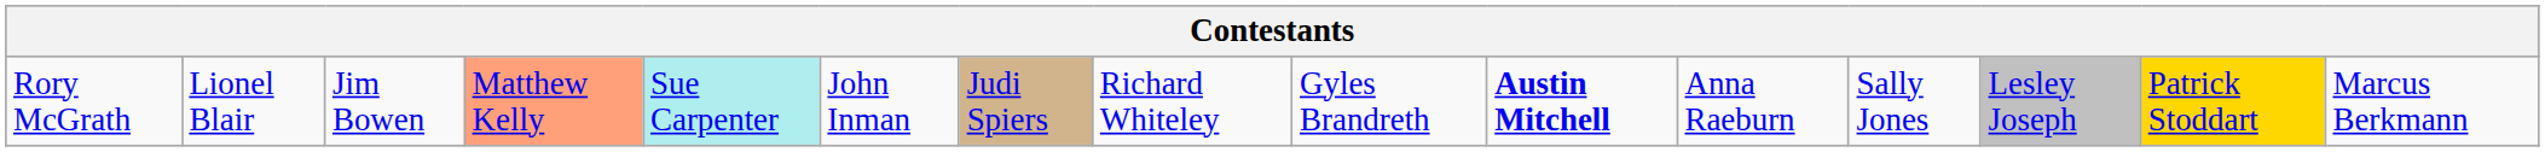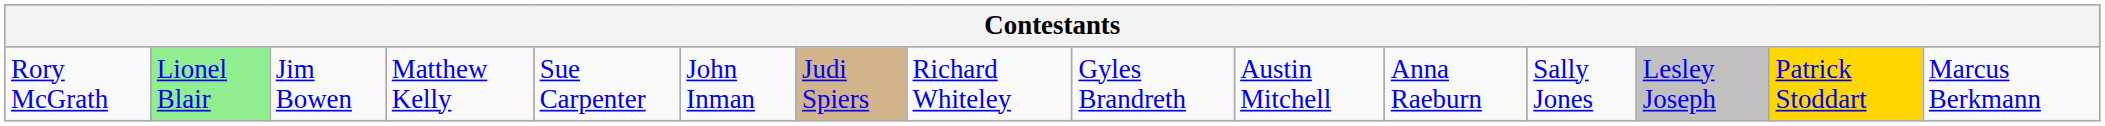 <table class="wikitable collapsible">
 <tr>
 <th colspan="15">Contestants</th>
 </tr>
 <tr>
 <td><a href='#'>Rory McGrath</a></td>
-<td><a href='#'>Lionel Blair</a></td>
+<td style="background: lightgreen;"><a href='#'>Lionel Blair</a></td>
 <td><a href='#'>Jim Bowen</a></td>
-<td style="background: lightsalmon;"><a href='#'>Matthew Kelly</a></td>
-<td style="background: paleturquoise;"><a href='#'>Sue Carpenter</a></td>
+<td><a href='#'>Matthew Kelly</a></td>
+<td><a href='#'>Sue Carpenter</a></td>
 <td><a href='#'>John Inman</a></td>
 <td style="background:tan;"><a href='#'>Judi Spiers</a></td>
 <td><a href='#'>Richard Whiteley</a></td>
 <td><a href='#'>Gyles Brandreth</a></td>
-<td><strong><a href='#'>Austin Mitchell</a></strong></td>
+<td><a href='#'>Austin Mitchell</a></td>
 <td><a href='#'>Anna Raeburn</a></td>
 <td><a href='#'>Sally Jones</a></td>
 <td style="background:silver;"><a href='#'>Lesley Joseph</a></td>
 <td style="background:gold;"><a href='#'>Patrick Stoddart</a></td>
 <td><a href='#'>Marcus Berkmann</a></td>
 </tr>
 </table>
